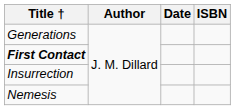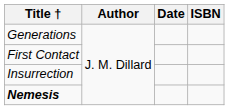 <table class="wikitable">
 <tr>
 <th>Title †</th>
 <th>Author</th>
 <th>Date</th>
 <th>ISBN</th>
 </tr>
 <tr>
 <td><em>Generations</em></td>
 <td rowspan="4">J. M. Dillard</td>
 <td></td>
 <td></td>
 </tr>
 <tr>
-<td><strong><em>First Contact</em></strong></td>
+<td><em>First Contact</em></td>
 <td></td>
 <td></td>
 </tr>
 <tr>
 <td><em>Insurrection</em></td>
 <td></td>
 <td></td>
 </tr>
 <tr>
-<td><em>Nemesis</em></td>
+<td><strong><em>Nemesis</em></strong></td>
 <td></td>
 <td></td>
 </tr>
 </table>
